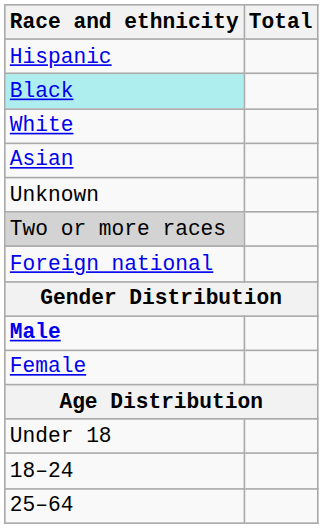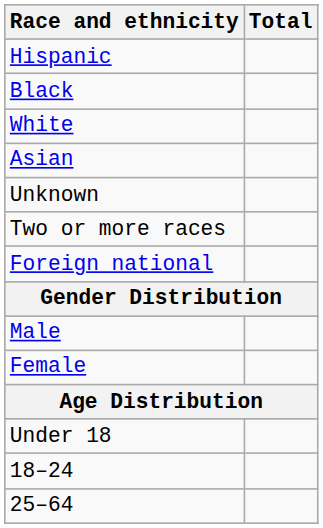 <table class="wikitable floatright sortable collapsible"; text-align:right; font-size:80%;">
 <tr>
 <th>Race and ethnicity</th>
 <th colspan="2" data-sort-type=number>Total</th>
 </tr>
 <tr>
 <td><a href='#'>Hispanic</a></td>
 <td align=right></td>
 </tr>
 <tr>
-<td style="background: paleturquoise;"><a href='#'>Black</a></td>
+<td><a href='#'>Black</a></td>
 <td align=right></td>
 </tr>
 <tr>
 <td><a href='#'>White</a></td>
 <td align=right></td>
 </tr>
 <tr>
 <td><a href='#'>Asian</a></td>
 <td align=right></td>
 </tr>
 <tr>
 <td>Unknown</td>
 <td align=right></td>
 </tr>
 <tr>
-<td style="background: lightgrey;">Two or more races</td>
+<td>Two or more races</td>
 <td align=right></td>
 </tr>
 <tr>
 <td><a href='#'>Foreign national</a></td>
 <td align=right></td>
 </tr>
 <tr>
 <th colspan="4" data-sort-type=number>Gender Distribution</th>
 </tr>
 <tr>
-<td><strong><a href='#'>Male</a></strong></td>
+<td><a href='#'>Male</a></td>
 <td align=right></td>
 </tr>
 <tr>
 <td><a href='#'>Female</a></td>
 <td align=right></td>
 </tr>
 <tr>
 <th colspan="4" data-sort-type=number>Age Distribution</th>
 </tr>
 <tr>
 <td>Under 18</td>
 <td align=right></td>
 </tr>
 <tr>
 <td>18–24</td>
 <td align=right></td>
 </tr>
 <tr>
 <td>25–64</td>
 <td align=right></td>
 </tr>
 </table>
